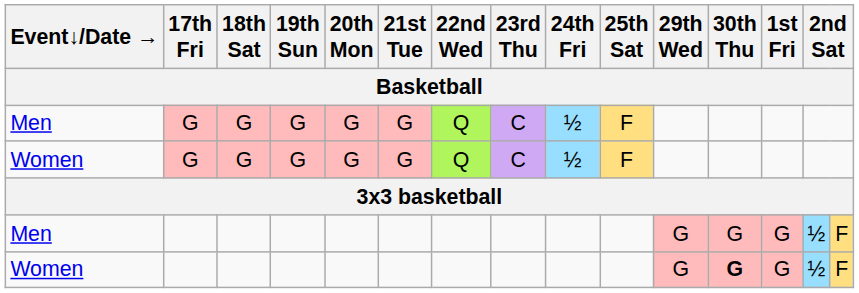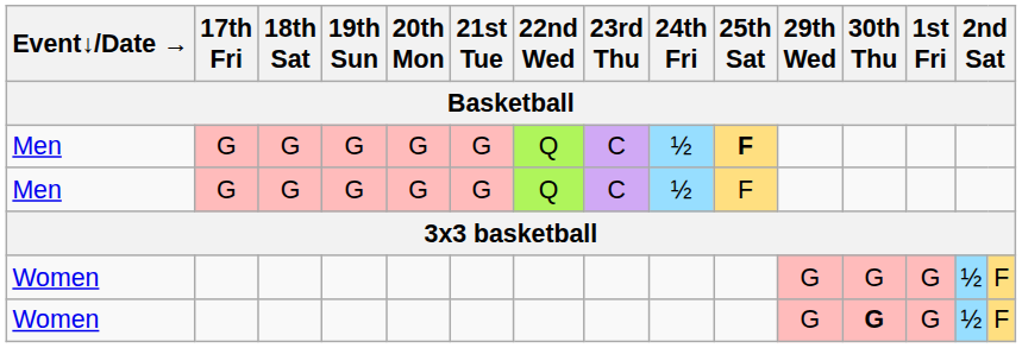 <table class="wikitable" style="margin:0.5em auto; font-size:90%; line-height:1.25em; text-align:center;">
 <tr>
 <th>Event↓/Date →</th>
 <th>17th<br>Fri</th>
 <th>18th<br>Sat</th>
 <th>19th<br>Sun</th>
 <th>20th<br>Mon</th>
 <th>21st<br>Tue</th>
 <th>22nd<br>Wed</th>
 <th>23rd<br>Thu</th>
 <th>24th<br>Fri</th>
 <th>25th<br>Sat</th>
 <th>29th<br>Wed</th>
 <th>30th<br>Thu</th>
 <th>1st<br>Fri</th>
 <th colspan=2>2nd<br>Sat</th>
 </tr>
 <tr>
 <th colspan=16>Basketball</th>
 </tr>
 <tr>
 <td style="text-align:left;"><a href='#'>Men</a></td>
 <td bgcolor="#FFBBBB">G</td>
 <td bgcolor="#FFBBBB">G</td>
 <td bgcolor="#FFBBBB">G</td>
 <td bgcolor="#FFBBBB">G</td>
 <td bgcolor="#FFBBBB">G</td>
 <td bgcolor="#AFF55B">Q</td>
 <td bgcolor="#D0A9F5">C</td>
 <td bgcolor="#97DEFF">½</td>
-<td bgcolor="#FFDF80">F</td>
+<td bgcolor="#FFDF80"><strong>F</strong></td>
 <td></td>
 <td></td>
 <td></td>
 <td colspan=2></td>
 </tr>
 <tr>
-<td style="text-align:left;"><a href='#'>Women</a></td>
+<td style="text-align:left;"><a href='#'>Men</a></td>
 <td bgcolor="#FFBBBB">G</td>
 <td bgcolor="#FFBBBB">G</td>
 <td bgcolor="#FFBBBB">G</td>
 <td bgcolor="#FFBBBB">G</td>
 <td bgcolor="#FFBBBB">G</td>
 <td bgcolor="#AFF55B">Q</td>
 <td bgcolor="#D0A9F5">C</td>
 <td bgcolor="#97DEFF">½</td>
 <td bgcolor="#FFDF80">F</td>
 <td></td>
 <td></td>
 <td></td>
 <td colspan=2></td>
 </tr>
 <tr>
 <th colspan=16>3x3 basketball</th>
 </tr>
 <tr>
-<td style="text-align:left;"><a href='#'>Men</a></td>
+<td style="text-align:left;"><a href='#'>Women</a></td>
 <td></td>
 <td></td>
 <td></td>
 <td></td>
 <td></td>
 <td></td>
 <td></td>
 <td></td>
 <td></td>
 <td bgcolor="#FFBBBB">G</td>
 <td bgcolor="#FFBBBB">G</td>
 <td bgcolor="#FFBBBB">G</td>
 <td bgcolor="#97DEFF">½</td>
 <td bgcolor="#FFDF80">F</td>
 </tr>
 <tr>
 <td style="text-align:left;"><a href='#'>Women</a></td>
 <td></td>
 <td></td>
 <td></td>
 <td></td>
 <td></td>
 <td></td>
 <td></td>
 <td></td>
 <td></td>
 <td bgcolor="#FFBBBB">G</td>
 <td bgcolor="#FFBBBB"><strong>G</strong></td>
 <td bgcolor="#FFBBBB">G</td>
 <td bgcolor="#97DEFF">½</td>
 <td bgcolor="#FFDF80">F</td>
 </tr>
 </table>
